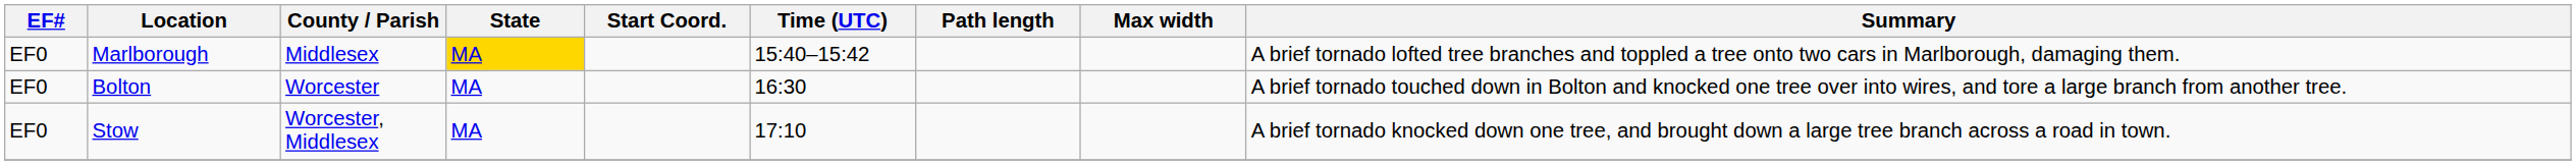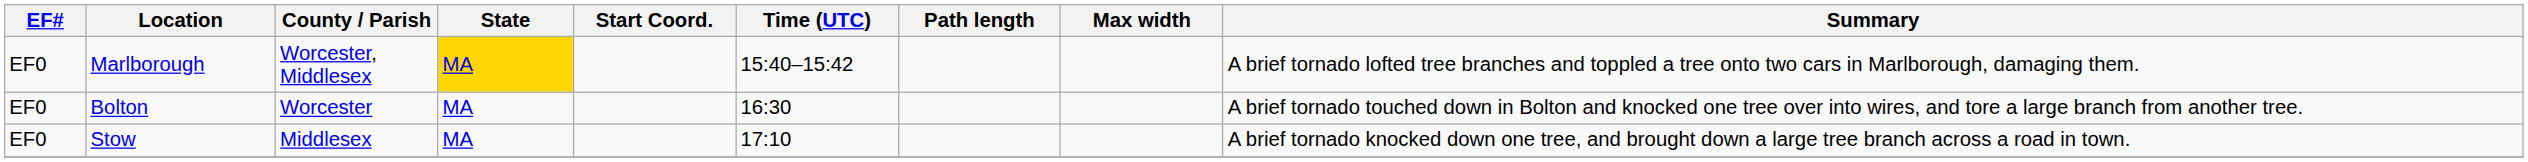 <table class="wikitable sortable" style="width:100%;">
 <tr>
 <th scope="col"  style="width:3%; text-align:center;"><a href='#'>EF#</a></th>
 <th scope="col"  style="width:7%; text-align:center;" class="unsortable">Location</th>
 <th scope="col"  style="width:6%; text-align:center;" class="unsortable">County / Parish</th>
 <th scope="col"  style="width:5%; text-align:center;">State</th>
 <th scope="col"  style="width:6%; text-align:center;">Start Coord.</th>
 <th scope="col"  style="width:6%; text-align:center;">Time (<a href='#'>UTC</a>)</th>
 <th scope="col"  style="width:6%; text-align:center;">Path length</th>
 <th scope="col"  style="width:6%; text-align:center;">Max width</th>
 <th scope="col" class="unsortable" style="width:48%; text-align:center;">Summary</th>
 </tr>
 <tr>
 <td>EF0</td>
 <td><a href='#'>Marlborough</a></td>
-<td><a href='#'>Middlesex</a></td>
+<td><a href='#'>Worcester</a>, <a href='#'>Middlesex</a></td>
 <td style="background: gold;"><a href='#'>MA</a></td>
 <td></td>
 <td>15:40–15:42</td>
 <td></td>
 <td></td>
 <td>A brief tornado lofted tree branches and toppled a tree onto two cars in Marlborough, damaging them.</td>
 </tr>
 <tr>
 <td>EF0</td>
 <td><a href='#'>Bolton</a></td>
 <td><a href='#'>Worcester</a></td>
 <td><a href='#'>MA</a></td>
 <td></td>
 <td>16:30</td>
 <td></td>
 <td></td>
 <td>A brief tornado touched down in Bolton and knocked one tree over into wires, and tore a large branch from another tree.</td>
 </tr>
 <tr>
 <td>EF0</td>
 <td><a href='#'>Stow</a></td>
-<td><a href='#'>Worcester</a>, <a href='#'>Middlesex</a></td>
+<td><a href='#'>Middlesex</a></td>
 <td><a href='#'>MA</a></td>
 <td></td>
 <td>17:10</td>
 <td></td>
 <td></td>
 <td>A brief tornado knocked down one tree, and brought down a large tree branch across a road in town.</td>
 </tr>
 <tr>
 </tr>
 </table>
